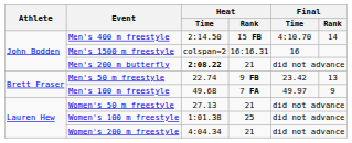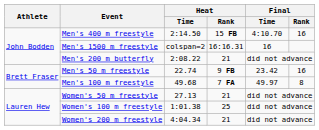 <table class=wikitable style=font-size:90%;text-align:center>
 <tr>
 <th rowspan="2">Athlete</th>
 <th rowspan="2">Event</th>
 <th colspan="2">Heat</th>
 <th colspan="2">Final</th>
 </tr>
 <tr style="font-size:95%">
 <th>Time</th>
 <th>Rank</th>
 <th>Time</th>
 <th>Rank</th>
 </tr>
 <tr>
 <td align=left rowspan=3><a href='#'>John Bodden</a></td>
 <td align=left><a href='#'>Men's 400 m freestyle</a></td>
 <td>2:14.50</td>
 <td>15 <strong>FB</strong></td>
 <td>4:10.70</td>
-<td>14</td>
+<td>16</td>
 </tr>
 <tr>
 <td align=left><a href='#'>Men's 1500 m freestyle</a></td>
 <td>colspan=2 </td>
 <td>16:16.31</td>
 <td>16</td>
 </tr>
 <tr>
 <td align=left><a href='#'>Men's 200 m butterfly</a></td>
-<td><strong>2:08.22</strong></td>
+<td>2:08.22</td>
 <td>21</td>
 <td colspan=2>did not advance</td>
 </tr>
 <tr>
 <td align=left rowspan=2><a href='#'>Brett Fraser</a></td>
 <td align=left><a href='#'>Men's 50 m freestyle</a></td>
 <td>22.74</td>
 <td>9 <strong>FB</strong></td>
 <td>23.42</td>
-<td>13</td>
+<td>16</td>
 </tr>
 <tr>
 <td align=left><a href='#'>Men's 100 m freestyle</a></td>
 <td>49.68</td>
 <td>7 <strong>FA</strong></td>
 <td>49.97</td>
-<td>9</td>
+<td>8</td>
 </tr>
 <tr>
 <td align=left rowspan=3><a href='#'>Lauren Hew</a></td>
 <td align=left><a href='#'>Women's 50 m freestyle</a></td>
 <td>27.13</td>
 <td>21</td>
 <td colspan=2>did not advance</td>
 </tr>
 <tr>
 <td align=left><a href='#'>Women's 100 m freestyle</a></td>
 <td>1:01.38</td>
 <td>25</td>
 <td colspan=2>did not advance</td>
 </tr>
 <tr>
 <td align=left><a href='#'>Women's 200 m freestyle</a></td>
 <td>4:04.34</td>
 <td>21</td>
 <td colspan=2>did not advance</td>
 </tr>
 </table>
